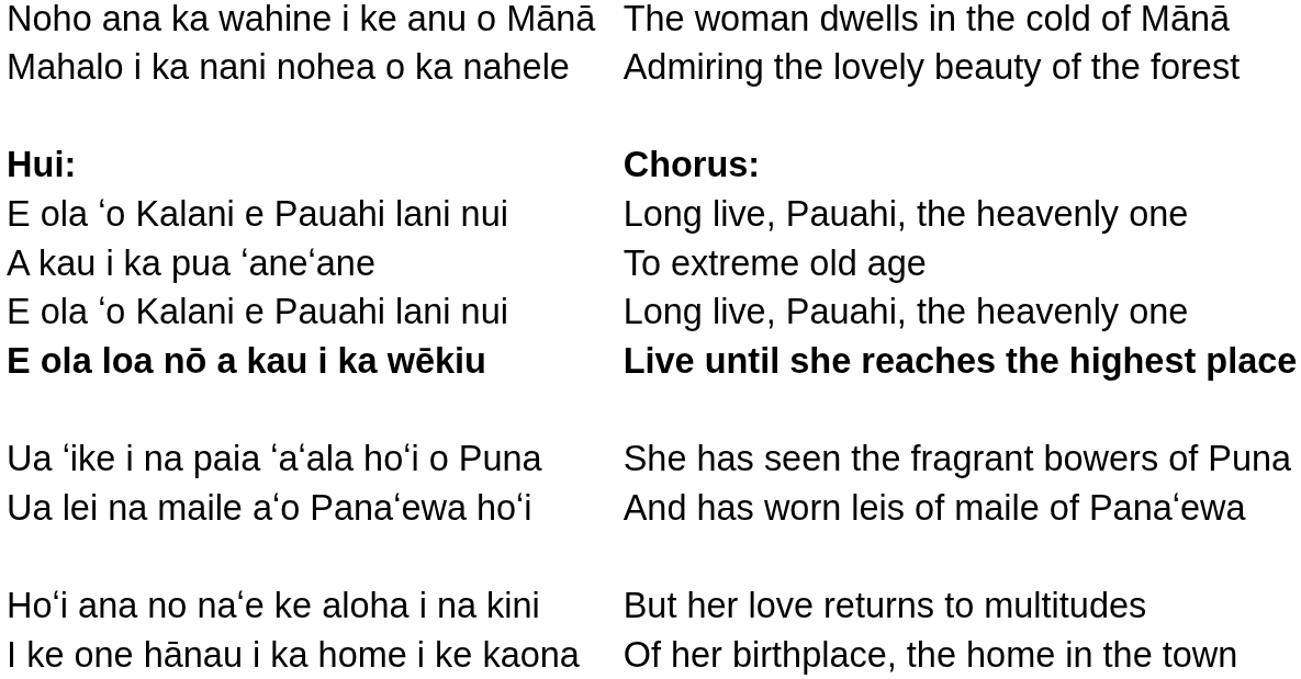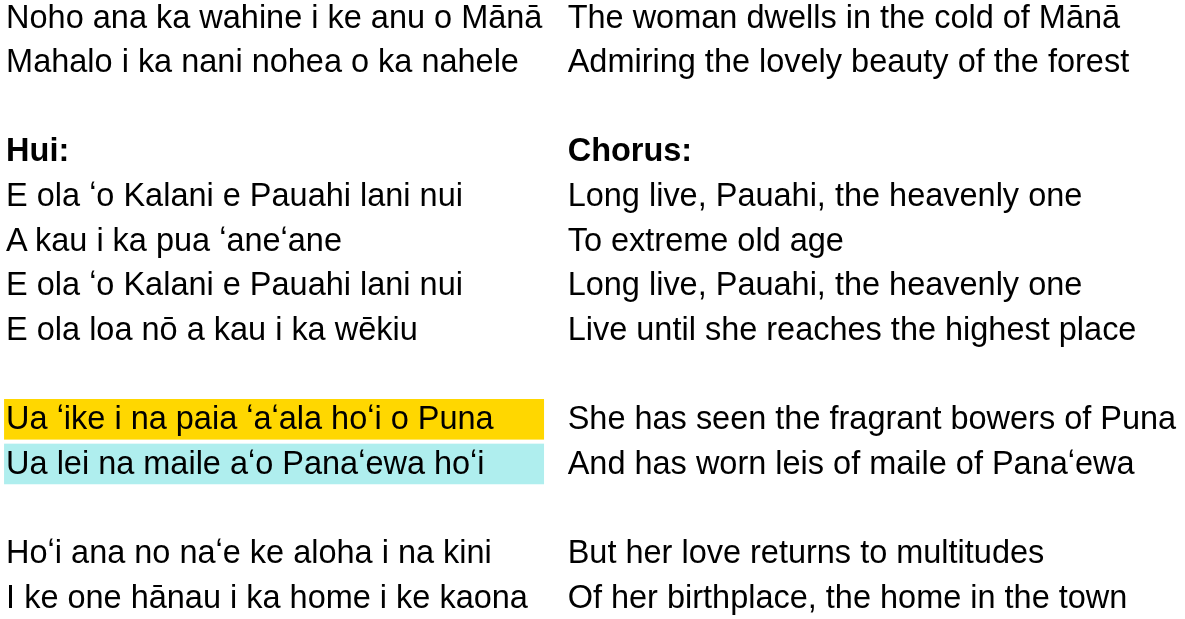 <table>
 <tr>
 <td>Noho ana ka wahine i ke anu o Mānā</td>
 <td rowspan=99> </td>
 <td>The woman dwells in the cold of Mānā</td>
 </tr>
 <tr>
 <td>Mahalo i ka nani nohea o ka nahele</td>
 <td>Admiring the lovely beauty of the forest</td>
 </tr>
 <tr>
 <td> </td>
 <td> </td>
 </tr>
 <tr>
 <td><strong>Hui:</strong></td>
 <td><strong>Chorus:</strong></td>
 </tr>
 <tr>
 <td>E ola ʻo Kalani e Pauahi lani nui</td>
 <td>Long live, Pauahi, the heavenly one</td>
 </tr>
 <tr>
 <td>A kau i ka pua ʻaneʻane</td>
 <td>To extreme old age</td>
 </tr>
 <tr>
 <td>E ola ʻo Kalani e Pauahi lani nui</td>
 <td>Long live, Pauahi, the heavenly one</td>
 </tr>
 <tr>
-<td><strong>E ola loa nō a kau i ka wēkiu</strong></td>
-<td><strong>Live until she reaches the highest place</strong></td>
+<td>E ola loa nō a kau i ka wēkiu</td>
+<td>Live until she reaches the highest place</td>
 </tr>
 <tr>
 <td> </td>
 <td> </td>
 </tr>
 <tr>
-<td>Ua ʻike i na paia ʻaʻala hoʻi o Puna</td>
+<td style="background: gold;">Ua ʻike i na paia ʻaʻala hoʻi o Puna</td>
 <td>She has seen the fragrant bowers of Puna</td>
 </tr>
 <tr>
-<td>Ua lei na maile aʻo Panaʻewa hoʻi</td>
+<td style="background: paleturquoise;">Ua lei na maile aʻo Panaʻewa hoʻi</td>
 <td>And has worn leis of maile of Panaʻewa</td>
 </tr>
 <tr>
 <td> </td>
 <td> </td>
 </tr>
 <tr>
 <td>Hoʻi ana no naʻe ke aloha i na kini</td>
 <td>But her love returns to multitudes</td>
 </tr>
 <tr>
 <td>I ke one hānau i ka home i ke kaona</td>
 <td>Of her birthplace, the home in the town</td>
 </tr>
 </table>
